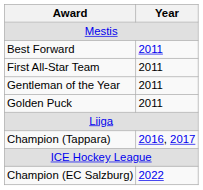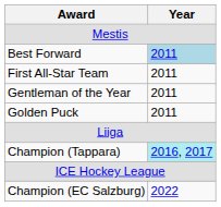 <table class="wikitable">
 <tr>
 <th>Award</th>
 <th>Year</th>
 </tr>
 <tr ALIGN="center" bgcolor="#e0e0e0">
 <td colspan="2"><a href='#'>Mestis</a></td>
 </tr>
 <tr>
 <td>Best Forward</td>
-<td><a href='#'>2011</a></td>
+<td style="background: lightblue;"><a href='#'>2011</a></td>
 </tr>
 <tr>
 <td>First All-Star Team</td>
 <td>2011</td>
 </tr>
 <tr>
 <td>Gentleman of the Year</td>
 <td>2011</td>
 </tr>
 <tr>
 <td>Golden Puck</td>
 <td>2011</td>
 </tr>
 <tr ALIGN="center" bgcolor="#e0e0e0">
 <td colspan="2"><a href='#'>Liiga</a></td>
 </tr>
 <tr>
 <td>Champion (Tappara)</td>
-<td><a href='#'>2016</a>, <a href='#'>2017</a></td>
+<td style="background: paleturquoise;"><a href='#'>2016</a>, <a href='#'>2017</a></td>
 </tr>
 <tr ALIGN="center" bgcolor="#e0e0e0">
 <td colspan="2"><a href='#'>ICE Hockey League</a></td>
 </tr>
 <tr>
 <td>Champion (EC Salzburg)</td>
 <td><a href='#'>2022</a></td>
 </tr>
 </table>
